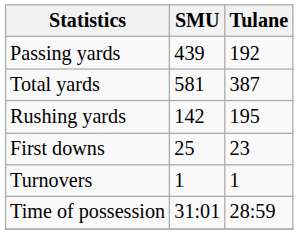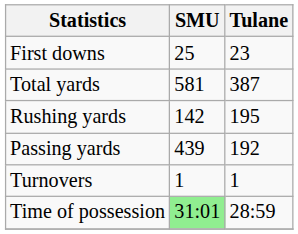 <table class="wikitable" style="float: right;">
 <tr>
 <th>Statistics</th>
 <th>SMU</th>
 <th>Tulane</th>
 </tr>
 <tr>
-<td>Passing yards</td>
-<td>439</td>
-<td>192</td>
+<td>First downs</td>
+<td>25</td>
+<td>23</td>
 </tr>
 <tr>
 <td>Total yards</td>
 <td>581</td>
 <td>387</td>
 </tr>
 <tr>
 <td>Rushing yards</td>
 <td>142</td>
 <td>195</td>
 </tr>
 <tr>
-<td>First downs</td>
-<td>25</td>
-<td>23</td>
+<td>Passing yards</td>
+<td>439</td>
+<td>192</td>
 </tr>
 <tr>
 <td>Turnovers</td>
 <td>1</td>
 <td>1</td>
 </tr>
 <tr>
 <td>Time of possession</td>
-<td>31:01</td>
+<td style="background: lightgreen;">31:01</td>
 <td>28:59</td>
 </tr>
 <tr>
 </tr>
 </table>
